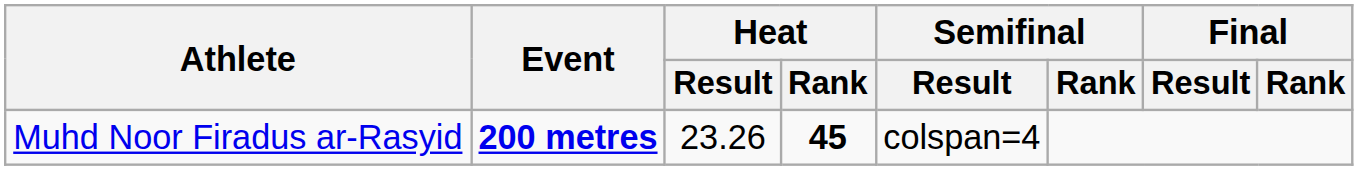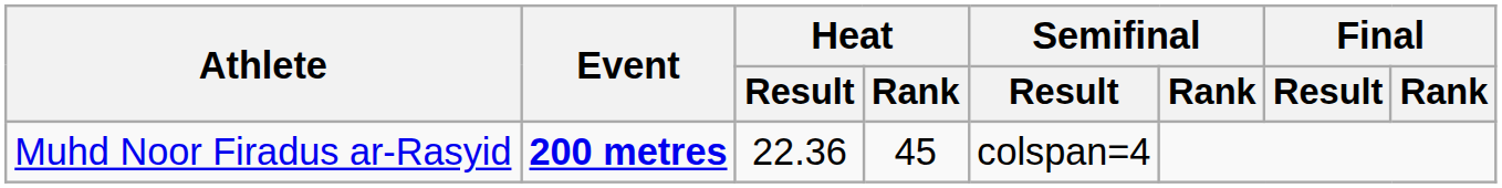 <table class="wikitable" style="font-size:90%">
 <tr>
 <th rowspan="2">Athlete</th>
 <th rowspan="2">Event</th>
 <th colspan="2">Heat</th>
 <th colspan="2">Semifinal</th>
 <th colspan="2">Final</th>
 </tr>
 <tr style="font-size:95%">
 <th>Result</th>
 <th>Rank</th>
 <th>Result</th>
 <th>Rank</th>
 <th>Result</th>
 <th>Rank</th>
 </tr>
 <tr style=text-align:center>
 <td style=text-align:left><a href='#'>Muhd Noor Firadus ar-Rasyid</a></td>
 <td style=text-align:left><strong><a href='#'>200 metres</a></strong></td>
-<td>23.26</td>
-<td><strong>45</strong></td>
+<td>22.36</td>
+<td>45</td>
 <td>colspan=4 </td>
 </tr>
 </table>
